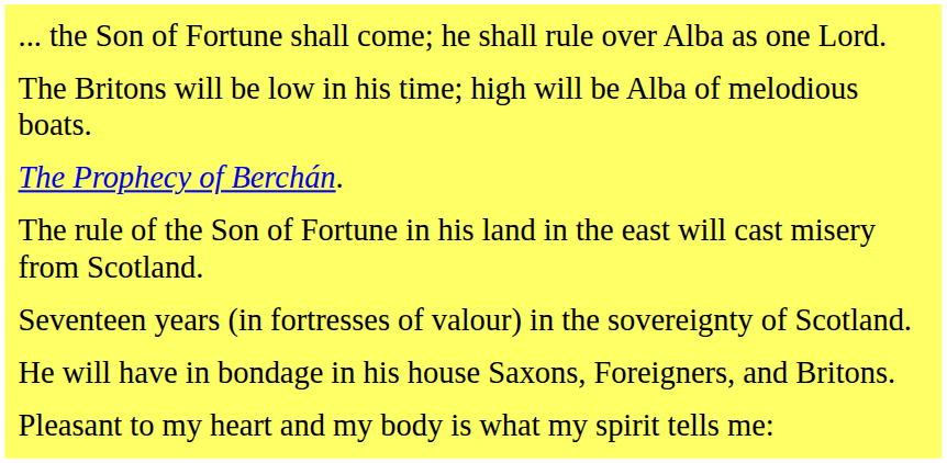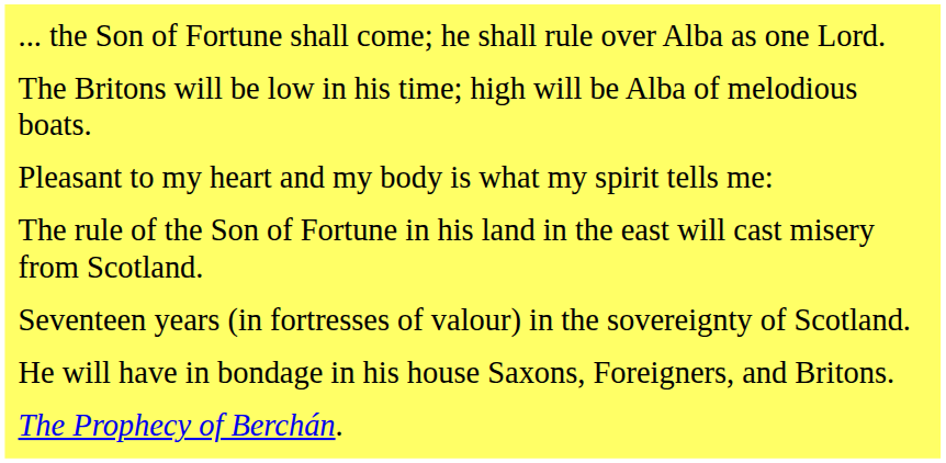 <table class="toccolours" style="float: right; margin-left: 1em; margin-right: 2em; font-size: 85%; background:#FFFF66; color:black; width:30em; max-width: 30%;" cellspacing="5">
 <tr>
 <td style="text-align: left;">... the Son of Fortune shall come; he shall rule over Alba as one Lord.</td>
 </tr>
 <tr>
 <td style="text-align: left;">The Britons will be low in his time; high will be Alba of melodious boats.</td>
 </tr>
 <tr>
-<td style="text-align: left;"><em><a href='#'>The Prophecy of Berchán</a></em>.</td>
+<td style="text-align: left;">Pleasant to my heart and my body is what my spirit tells me:</td>
 </tr>
 <tr>
 <td style="text-align: left;">The rule of the Son of Fortune in his land in the east will cast misery from Scotland.</td>
 </tr>
 <tr>
 <td style="text-align: left;">Seventeen years (in fortresses of valour) in the sovereignty of Scotland.</td>
 </tr>
 <tr>
 <td style="text-align: left;">He will have in bondage in his house Saxons, Foreigners, and Britons.</td>
 </tr>
 <tr>
-<td style="text-align: left;">Pleasant to my heart and my body is what my spirit tells me:</td>
+<td style="text-align: left;"><em><a href='#'>The Prophecy of Berchán</a></em>.</td>
 </tr>
 </table>
